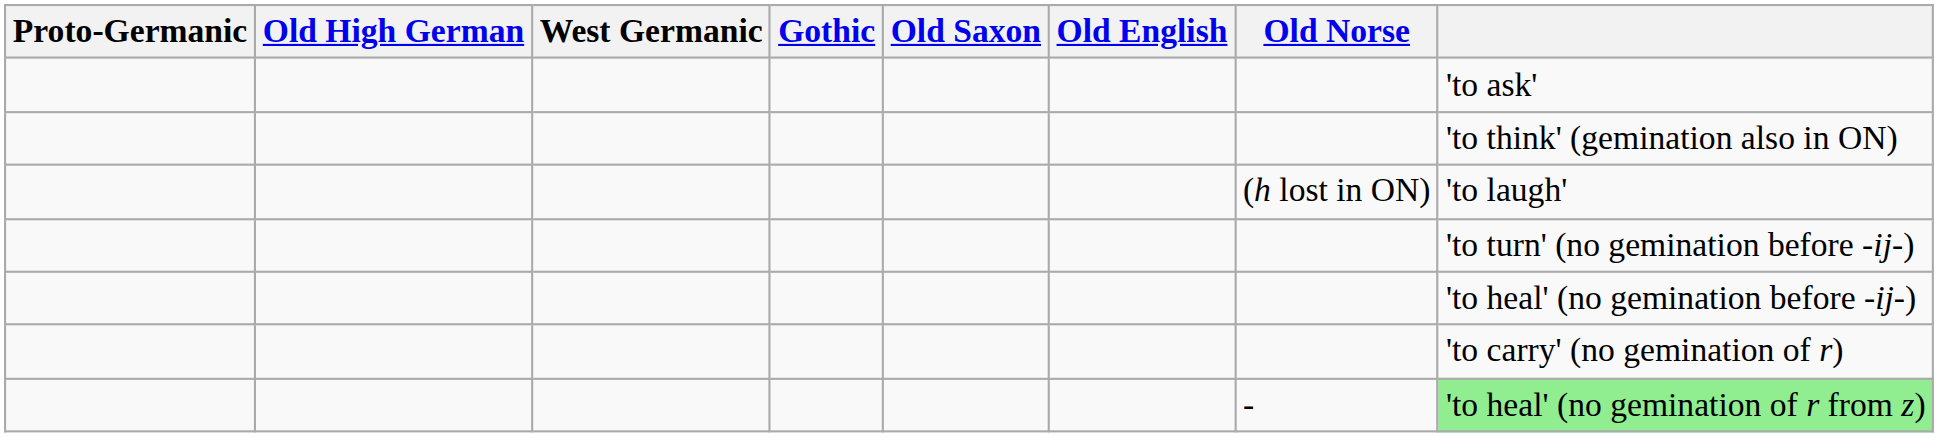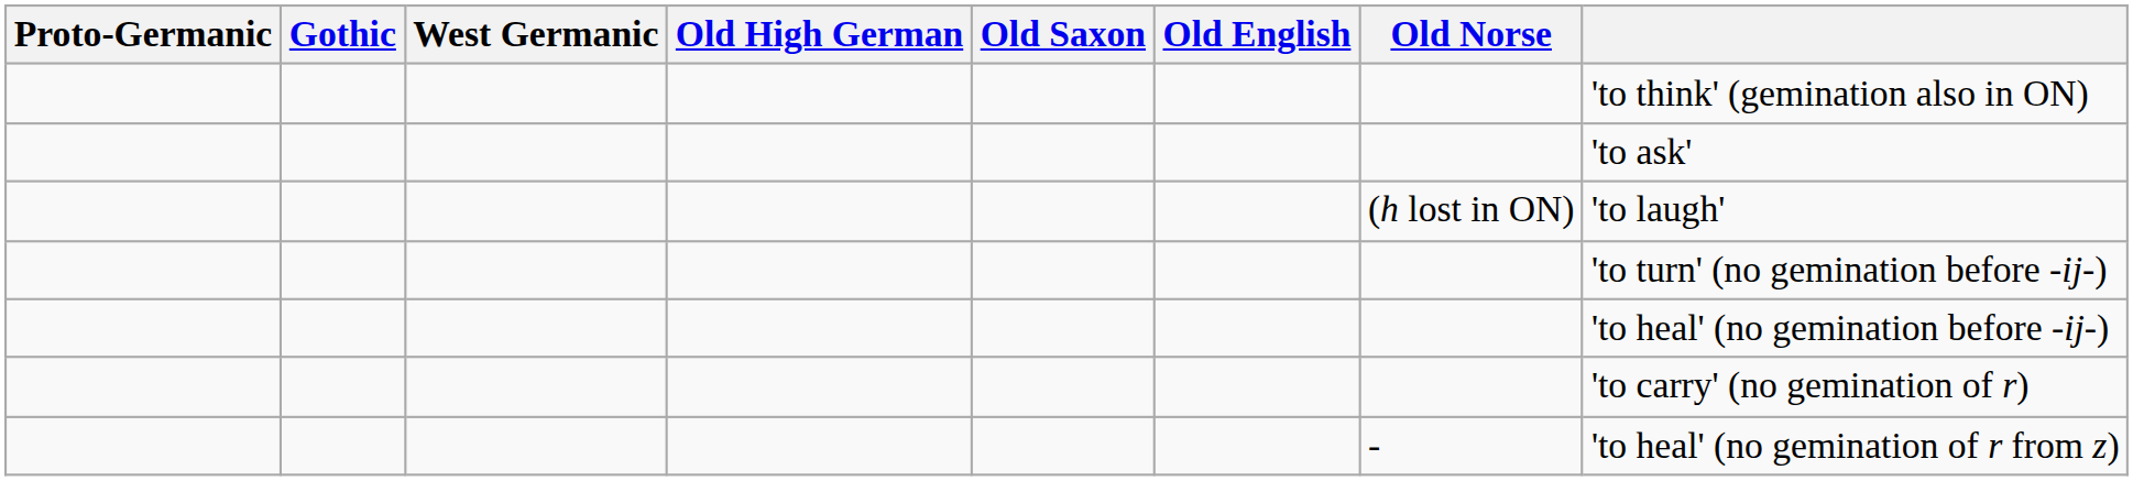 <table class="wikitable">
 <tr>
 <th>Proto-Germanic</th>
+<th><a href='#'>Gothic</a></th>
+<th>West Germanic</th>
 <th><a href='#'>Old High German</a></th>
-<th>West Germanic</th>
-<th><a href='#'>Gothic</a></th>
 <th><a href='#'>Old Saxon</a></th>
 <th><a href='#'>Old English</a></th>
 <th><a href='#'>Old Norse</a></th>
 <th></th>
 </tr>
 <tr>
 <td></td>
 <td></td>
 <td></td>
 <td></td>
 <td></td>
 <td></td>
 <td></td>
-<td>'to ask'</td>
+<td>'to think' (gemination also in ON)</td>
 </tr>
 <tr>
 <td></td>
 <td></td>
 <td></td>
 <td></td>
 <td></td>
 <td></td>
 <td></td>
-<td>'to think' (gemination also in ON)</td>
+<td>'to ask'</td>
 </tr>
 <tr>
 <td></td>
 <td></td>
 <td></td>
 <td></td>
 <td></td>
 <td></td>
 <td> (<em>h</em> lost in ON)</td>
 <td>'to laugh'</td>
 </tr>
 <tr>
 <td></td>
 <td></td>
 <td></td>
 <td></td>
 <td></td>
 <td></td>
 <td></td>
 <td>'to turn' (no gemination before -<em>ij</em>-)</td>
 </tr>
 <tr>
 <td></td>
 <td></td>
 <td></td>
 <td></td>
 <td></td>
 <td></td>
 <td></td>
 <td>'to heal' (no gemination before -<em>ij</em>-)</td>
 </tr>
 <tr>
 <td></td>
 <td></td>
 <td></td>
 <td></td>
 <td></td>
 <td></td>
 <td></td>
 <td>'to carry' (no gemination of <em>r</em>)</td>
 </tr>
 <tr>
 <td></td>
 <td></td>
 <td></td>
 <td></td>
 <td></td>
 <td></td>
 <td>-</td>
-<td style="background: lightgreen;">'to heal' (no gemination of <em>r</em> from <em>z</em>)</td>
+<td>'to heal' (no gemination of <em>r</em> from <em>z</em>)</td>
 </tr>
 </table>
